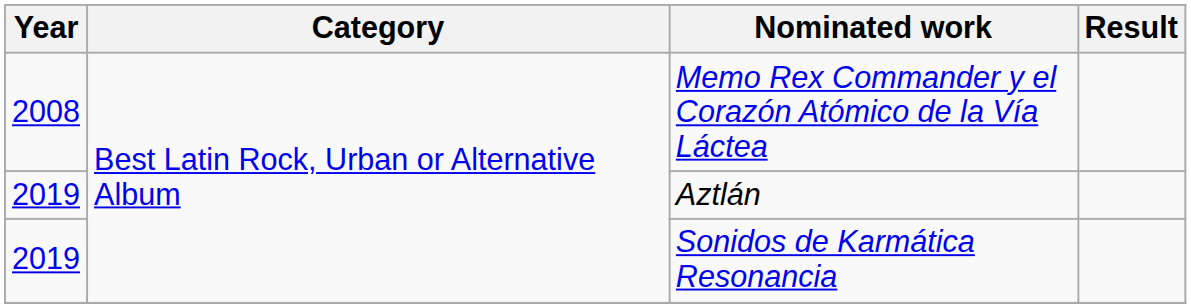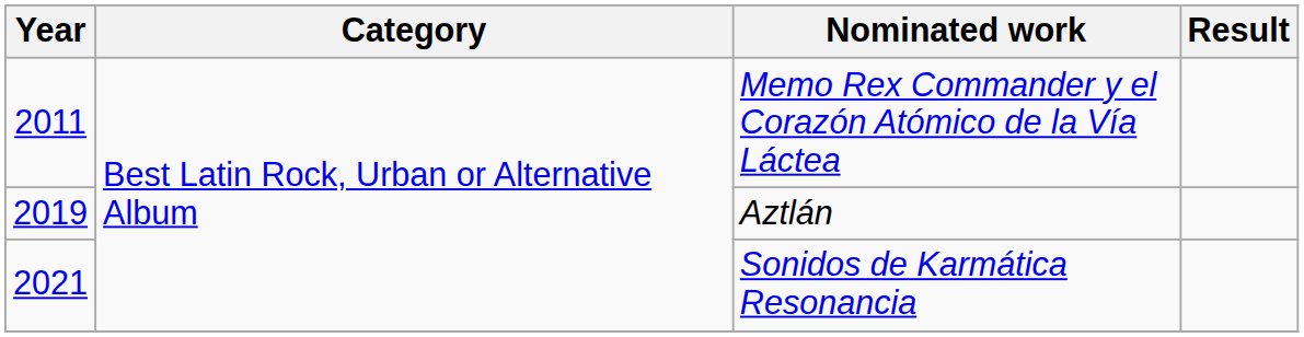 <table class="wikitable plainrowheaders" style="width:70%;">
 <tr>
 <th scope="col" style="width:4%;">Year</th>
 <th scope="col" style="width:50%;">Category</th>
 <th scope="col" style="width:35%;">Nominated work</th>
 <th scope="col" style="width:6%;">Result</th>
 </tr>
 <tr>
-<td style="text-align:center;"><a href='#'>2008</a></td>
+<td style="text-align:center;"><a href='#'>2011</a></td>
 <td rowspan="3"><a href='#'>Best Latin Rock, Urban or Alternative Album</a></td>
 <td><em><a href='#'>Memo Rex Commander y el Corazón Atómico de la Vía Láctea</a></em></td>
 <td></td>
 </tr>
 <tr>
 <td style="text-align:center;"><a href='#'>2019</a></td>
 <td><em>Aztlán</em></td>
 <td></td>
 </tr>
 <tr>
-<td style="text-align:center;"><a href='#'>2019</a></td>
+<td style="text-align:center;"><a href='#'>2021</a></td>
 <td><em><a href='#'>Sonidos de Karmática Resonancia</a></em></td>
 <td></td>
 </tr>
 <tr>
 </tr>
 </table>
